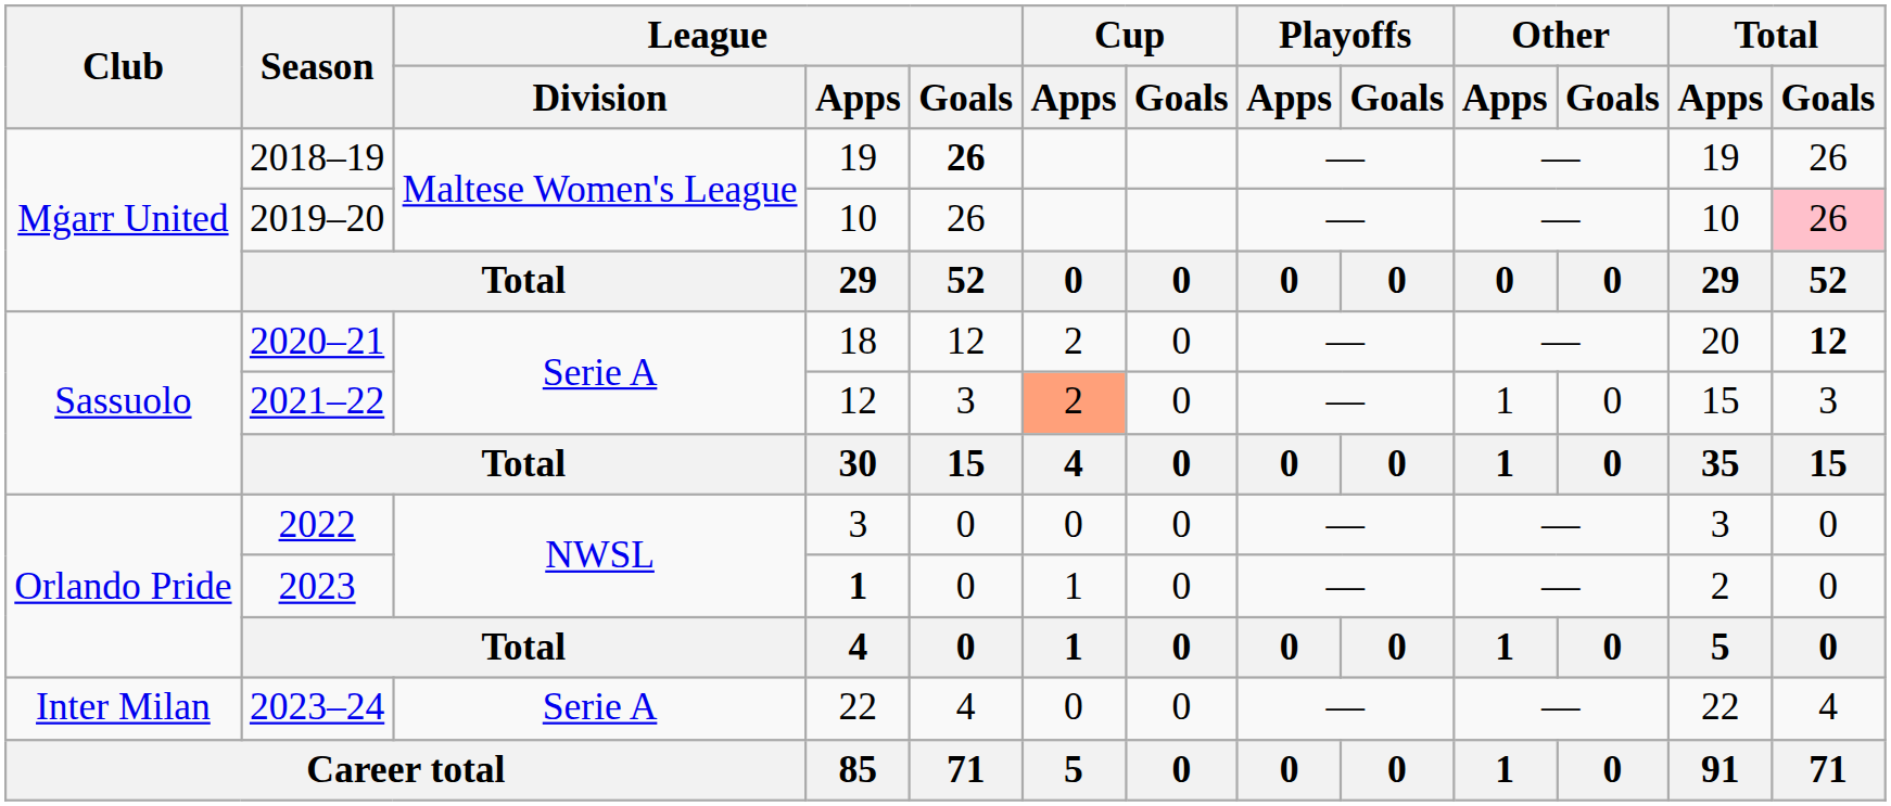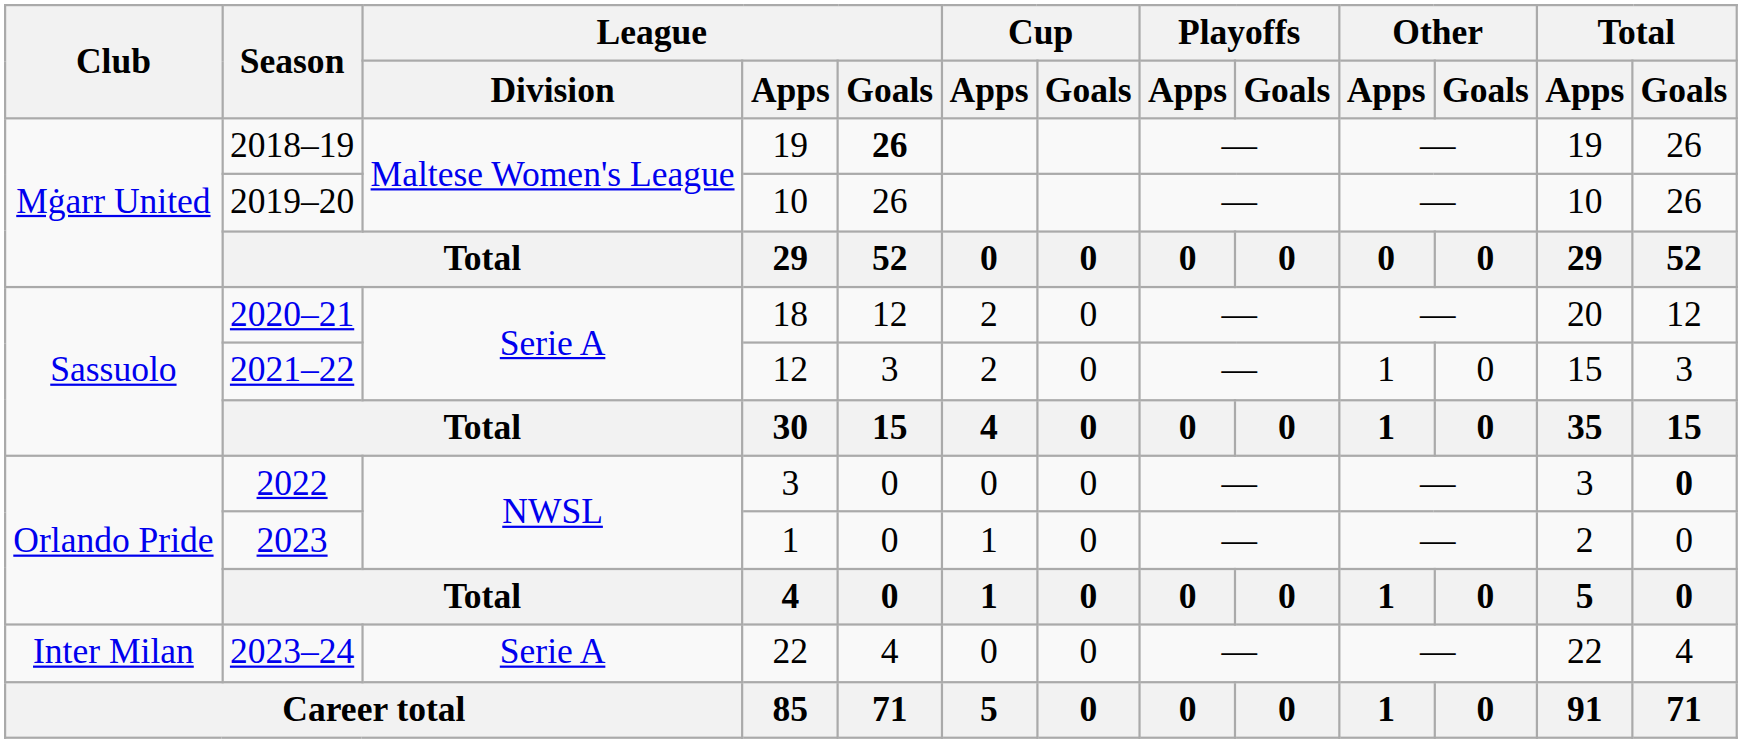 <table class="wikitable" style="text-align:center;">
 <tr>
 <th rowspan=2 scope="col">Club</th>
 <th rowspan=2 scope="col">Season</th>
 <th colspan=3 scope="col">League</th>
 <th colspan=2 scope="col">Cup</th>
 <th colspan=2 scope="col">Playoffs</th>
 <th colspan=2 scope="col">Other</th>
 <th colspan=2 scope="col">Total</th>
 </tr>
 <tr>
 <th scope="col">Division</th>
 <th scope="col">Apps</th>
 <th scope="col">Goals</th>
 <th scope="col">Apps</th>
 <th scope="col">Goals</th>
 <th scope="col">Apps</th>
 <th scope="col">Goals</th>
 <th scope="col">Apps</th>
 <th scope="col">Goals</th>
 <th scope="col">Apps</th>
 <th scope="col">Goals</th>
 </tr>
 <tr>
 <td rowspan="3"><a href='#'>Mġarr United</a></td>
 <td>2018–19</td>
 <td rowspan="2"><a href='#'>Maltese Women's League</a></td>
 <td>19</td>
 <td><strong>26</strong></td>
 <td></td>
 <td></td>
 <td colspan="2">—</td>
 <td colspan="2">—</td>
 <td>19</td>
 <td>26</td>
 </tr>
 <tr>
 <td>2019–20</td>
 <td>10</td>
 <td>26</td>
 <td></td>
 <td></td>
 <td colspan="2">—</td>
 <td colspan="2">—</td>
 <td>10</td>
-<td style="background: pink;">26</td>
+<td>26</td>
 </tr>
 <tr>
 <th colspan=2 scope="row">Total</th>
 <th>29</th>
 <th>52</th>
 <th>0</th>
 <th>0</th>
 <th>0</th>
 <th>0</th>
 <th>0</th>
 <th>0</th>
 <th>29</th>
 <th>52</th>
 </tr>
 <tr>
 <td rowspan="3"><a href='#'>Sassuolo</a></td>
 <td><a href='#'>2020–21</a></td>
 <td rowspan="2"><a href='#'>Serie A</a></td>
 <td>18</td>
 <td>12</td>
 <td>2</td>
 <td>0</td>
 <td colspan="2">—</td>
 <td colspan="2">—</td>
 <td>20</td>
-<td><strong>12</strong></td>
+<td>12</td>
 </tr>
 <tr>
 <td><a href='#'>2021–22</a></td>
 <td>12</td>
 <td>3</td>
-<td style="background: lightsalmon;">2</td>
+<td>2</td>
 <td>0</td>
 <td colspan="2">—</td>
 <td>1</td>
 <td>0</td>
 <td>15</td>
 <td>3</td>
 </tr>
 <tr>
 <th colspan=2 scope="row">Total</th>
 <th>30</th>
 <th>15</th>
 <th>4</th>
 <th>0</th>
 <th>0</th>
 <th>0</th>
 <th>1</th>
 <th>0</th>
 <th>35</th>
 <th>15</th>
 </tr>
 <tr>
 <td rowspan=3><a href='#'>Orlando Pride</a></td>
 <td><a href='#'>2022</a></td>
 <td rowspan=2><a href='#'>NWSL</a></td>
 <td>3</td>
 <td>0</td>
 <td>0</td>
 <td>0</td>
 <td colspan="2">—</td>
 <td colspan="2">—</td>
 <td>3</td>
-<td>0</td>
+<td><strong>0</strong></td>
 </tr>
 <tr>
 <td><a href='#'>2023</a></td>
-<td><strong>1</strong></td>
+<td>1</td>
 <td>0</td>
 <td>1</td>
 <td>0</td>
 <td colspan="2">—</td>
 <td colspan="2">—</td>
 <td>2</td>
 <td>0</td>
 </tr>
 <tr>
 <th colspan=2 scope="row">Total</th>
 <th>4</th>
 <th>0</th>
 <th>1</th>
 <th>0</th>
 <th>0</th>
 <th>0</th>
 <th>1</th>
 <th>0</th>
 <th>5</th>
 <th>0</th>
 </tr>
 <tr>
 <td><a href='#'>Inter Milan</a></td>
 <td><a href='#'>2023–24</a></td>
 <td><a href='#'>Serie A</a></td>
 <td>22</td>
 <td>4</td>
 <td>0</td>
 <td>0</td>
 <td colspan="2">—</td>
 <td colspan="2">—</td>
 <td>22</td>
 <td>4</td>
 </tr>
 <tr>
 <th colspan=3 scope="row">Career total</th>
 <th>85</th>
 <th>71</th>
 <th>5</th>
 <th>0</th>
 <th>0</th>
 <th>0</th>
 <th>1</th>
 <th>0</th>
 <th>91</th>
 <th>71</th>
 </tr>
 </table>
